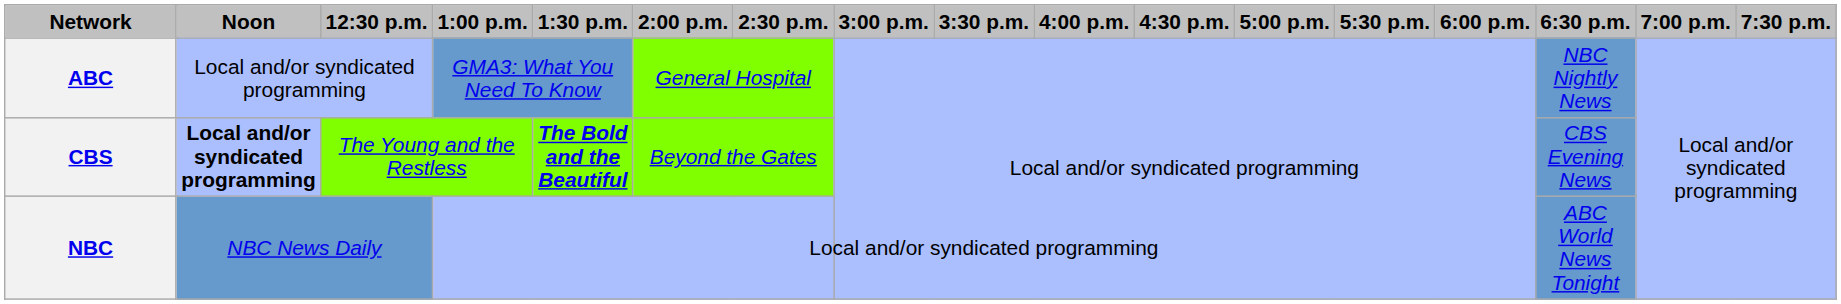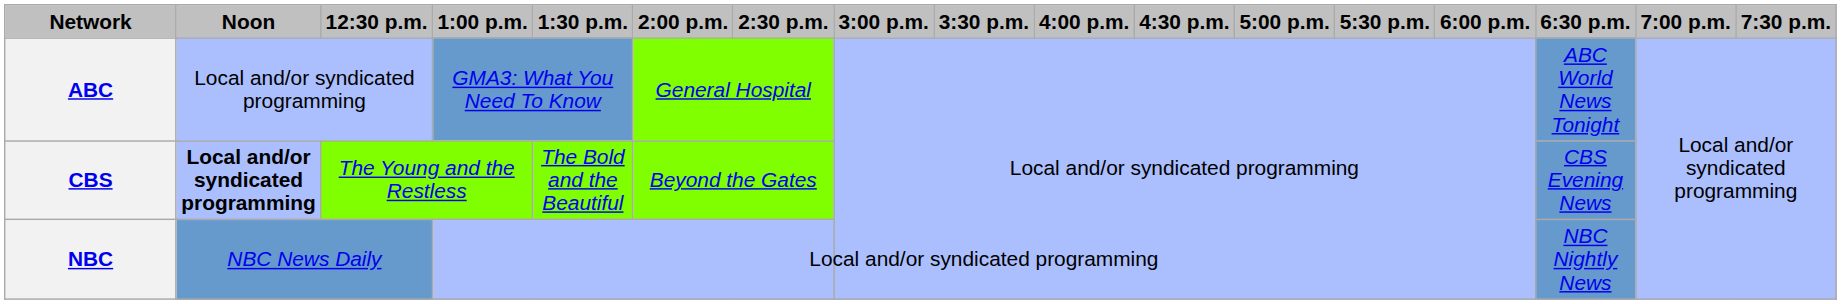 <table class="wikitable" style="width:100%;margin-right:0;font-size:90%;text-align:center">
 <tr>
 <th colspan="2" style="background:#C0C0C0; text-align:center;">Network</th>
 <th width="5%" style="background:#C0C0C0; text-align:center;">Noon</th>
 <th width="5%" style="background:#C0C0C0; text-align:center;">12:30 p.m.</th>
 <th width="5%" style="background:#C0C0C0; text-align:center;">1:00 p.m.</th>
 <th width="5%" style="background:#C0C0C0; text-align:center;">1:30 p.m.</th>
 <th width="5%" style="background:#C0C0C0; text-align:center;">2:00 p.m.</th>
 <th width="5%" style="background:#C0C0C0; text-align:center;">2:30 p.m.</th>
 <th width="5%" style="background:#C0C0C0; text-align:center;">3:00 p.m.</th>
 <th width="5%" style="background:#C0C0C0; text-align:center;">3:30 p.m.</th>
 <th width="5%" style="background:#C0C0C0; text-align:center;">4:00 p.m.</th>
 <th width="5%" style="background:#C0C0C0; text-align:center;">4:30 p.m.</th>
 <th width="5%" style="background:#C0C0C0; text-align:center;">5:00 p.m.</th>
 <th width="5%" style="background:#C0C0C0; text-align:center;">5:30 p.m.</th>
 <th width="5%" style="background:#C0C0C0; text-align:center;">6:00 p.m.</th>
 <th width="5%" style="background:#C0C0C0; text-align:center;">6:30 p.m.</th>
 <th width="5%" style="background:#C0C0C0; text-align:center;">7:00 p.m.</th>
 <th width="5%" style="background:#C0C0C0; text-align:center;">7:30 p.m.</th>
 </tr>
 <tr>
 <th colspan="2"><a href='#'>ABC</a></th>
 <td colspan="2" style="background:#abbfff;">Local and/or syndicated programming</td>
 <td colspan="2" style="background: #6699CC;"><em><a href='#'>GMA3: What You Need To Know</a></em></td>
 <td colspan="2" style="background: chartreuse"><em><a href='#'>General Hospital</a></em></td>
 <td colspan="7" rowspan="3" style="background:#abbfff;">Local and/or syndicated programming</td>
-<td style="background: #6699CC;"><em><a href='#'>NBC Nightly News</a></em></td>
+<td style="background: #6699CC"><em><a href='#'>ABC World News Tonight</a></em></td>
 <td colspan="2" rowspan="4" style="background:#abbfff;">Local and/or syndicated programming</td>
 </tr>
 <tr>
 <th colspan="2"><a href='#'>CBS</a></th>
 <td style="background:#abbfff;"><strong>Local and/or syndicated programming</strong></td>
 <td colspan="2" style="background: chartreuse"><em><a href='#'>The Young and the Restless</a></em></td>
-<td style="background: chartreuse"><strong><em><a href='#'>The Bold and the Beautiful</a></em></strong></td>
+<td style="background: chartreuse"><em><a href='#'>The Bold and the Beautiful</a></em></td>
 <td colspan="2" style="background: chartreuse"><em><a href='#'>Beyond the Gates</a></em></td>
 <td style="background: #6699CC;"><em><a href='#'>CBS Evening News</a></em></td>
 </tr>
 <tr>
 <th colspan="2"><a href='#'>NBC</a></th>
 <td colspan="2" style="background: #6699CC"><em><a href='#'>NBC News Daily</a></em></td>
 <td colspan="11" style="background:#abbfff;">Local and/or syndicated programming</td>
-<td style="background: #6699CC"><em><a href='#'>ABC World News Tonight</a></em></td>
+<td style="background: #6699CC;"><em><a href='#'>NBC Nightly News</a></em></td>
 </tr>
 </table>
